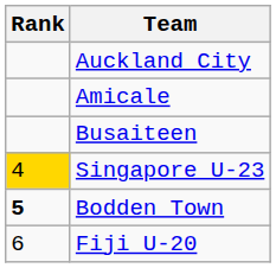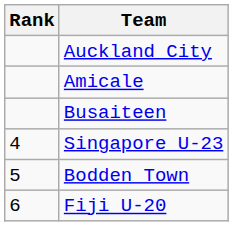 <table class="wikitable">
 <tr>
 <th>Rank</th>
 <th>Team</th>
 </tr>
 <tr>
 <td></td>
 <td> <a href='#'>Auckland City</a></td>
 </tr>
 <tr>
 <td></td>
 <td> <a href='#'>Amicale</a></td>
 </tr>
 <tr>
 <td></td>
 <td> <a href='#'>Busaiteen</a></td>
 </tr>
 <tr>
-<td style="background: gold;">4</td>
+<td>4</td>
 <td> <a href='#'>Singapore U-23</a></td>
 </tr>
 <tr>
-<td><strong>5</strong></td>
+<td>5</td>
 <td> <a href='#'>Bodden Town</a></td>
 </tr>
 <tr>
 <td>6</td>
 <td> <a href='#'>Fiji U-20</a></td>
 </tr>
 </table>
